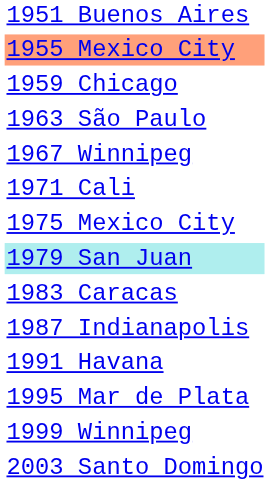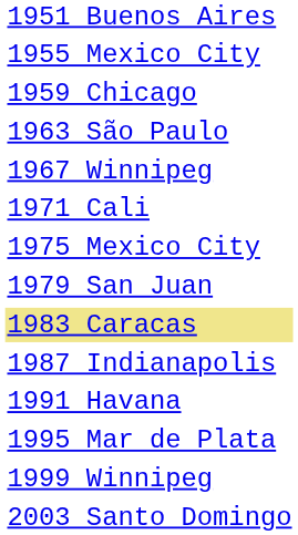 <table>
 <tr>
 <td><a href='#'>1951 Buenos Aires</a></td>
 <td></td>
 <td></td>
 <td></td>
 </tr>
 <tr>
-<td style="background: lightsalmon;"><a href='#'>1955 Mexico City</a></td>
+<td><a href='#'>1955 Mexico City</a></td>
 <td></td>
 <td></td>
 <td></td>
 </tr>
 <tr>
 <td><a href='#'>1959 Chicago</a></td>
 <td></td>
 <td></td>
 <td></td>
 </tr>
 <tr>
 <td><a href='#'>1963 São Paulo</a></td>
 <td></td>
 <td></td>
 <td></td>
 </tr>
 <tr>
 <td><a href='#'>1967 Winnipeg</a></td>
 <td></td>
 <td></td>
 <td></td>
 </tr>
 <tr>
 <td><a href='#'>1971 Cali</a></td>
 <td></td>
 <td></td>
 <td></td>
 </tr>
 <tr>
 <td><a href='#'>1975 Mexico City</a></td>
 <td></td>
 <td></td>
 <td></td>
 </tr>
 <tr>
-<td style="background: paleturquoise;"><a href='#'>1979 San Juan</a></td>
+<td><a href='#'>1979 San Juan</a></td>
 <td></td>
 <td></td>
 <td></td>
 </tr>
 <tr>
-<td><a href='#'>1983 Caracas</a></td>
+<td style="background: khaki;"><a href='#'>1983 Caracas</a></td>
 <td></td>
 <td></td>
 <td></td>
 </tr>
 <tr>
 <td><a href='#'>1987 Indianapolis</a></td>
 <td></td>
 <td></td>
 <td></td>
 </tr>
 <tr>
 <td><a href='#'>1991 Havana</a></td>
 <td></td>
 <td></td>
 <td></td>
 </tr>
 <tr>
 <td><a href='#'>1995 Mar de Plata</a></td>
 <td></td>
 <td></td>
 <td></td>
 </tr>
 <tr>
 <td><a href='#'>1999 Winnipeg</a></td>
 <td></td>
 <td></td>
 <td></td>
 </tr>
 <tr>
 <td><a href='#'>2003 Santo Domingo</a></td>
 <td></td>
 <td></td>
 <td></td>
 </tr>
 </table>
